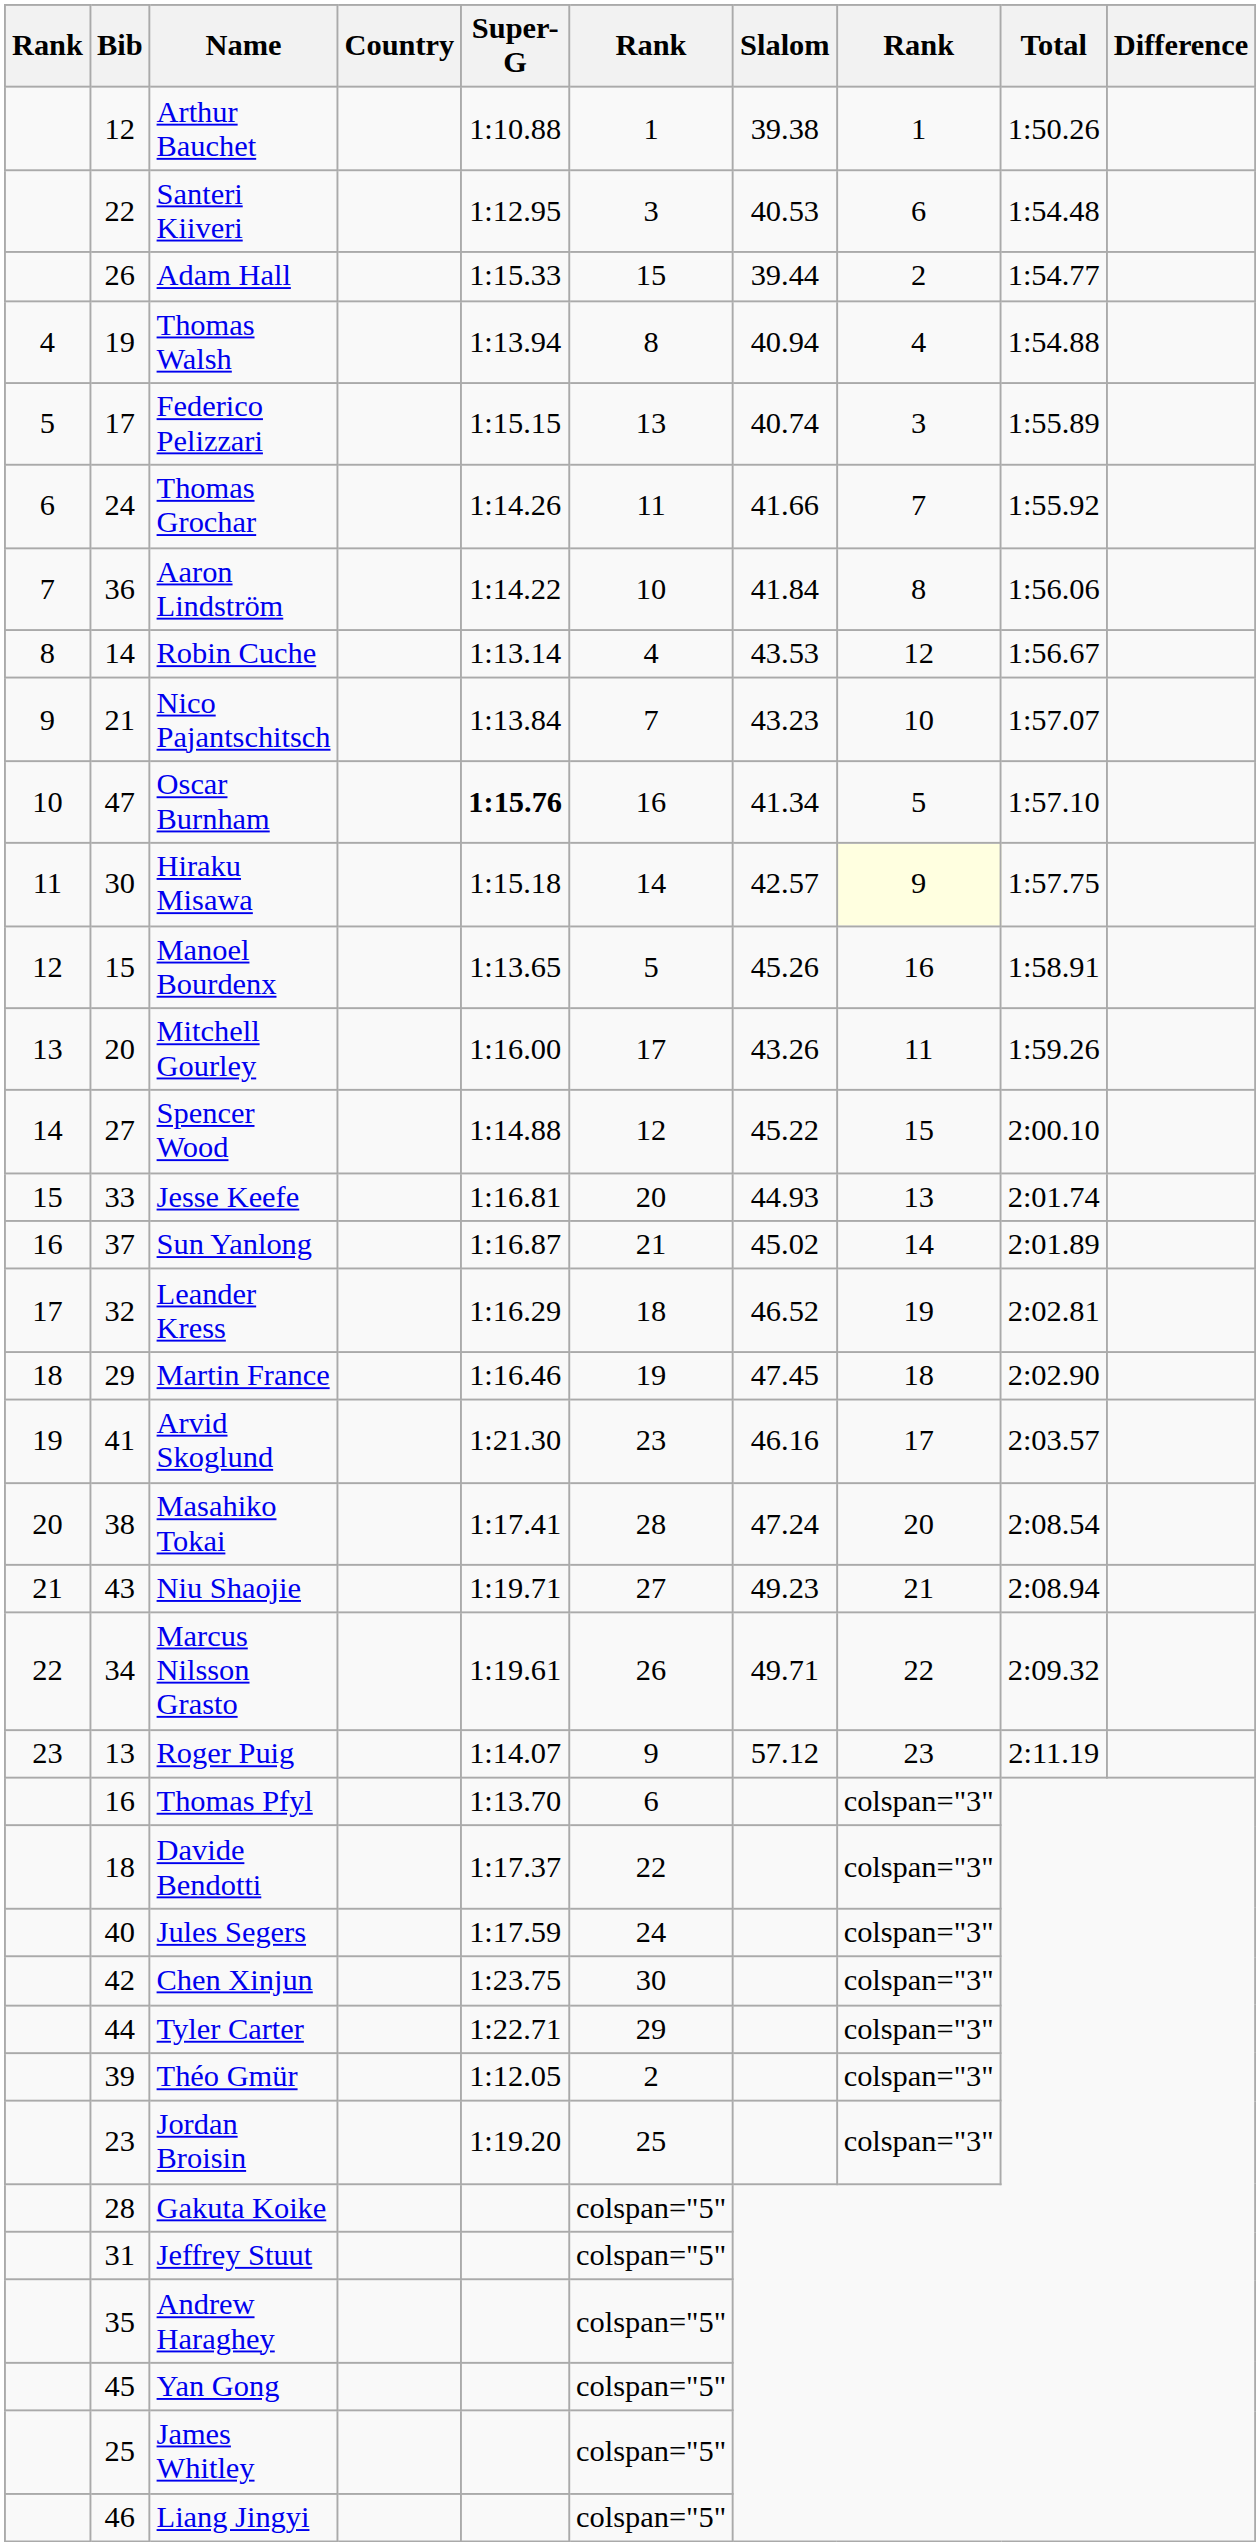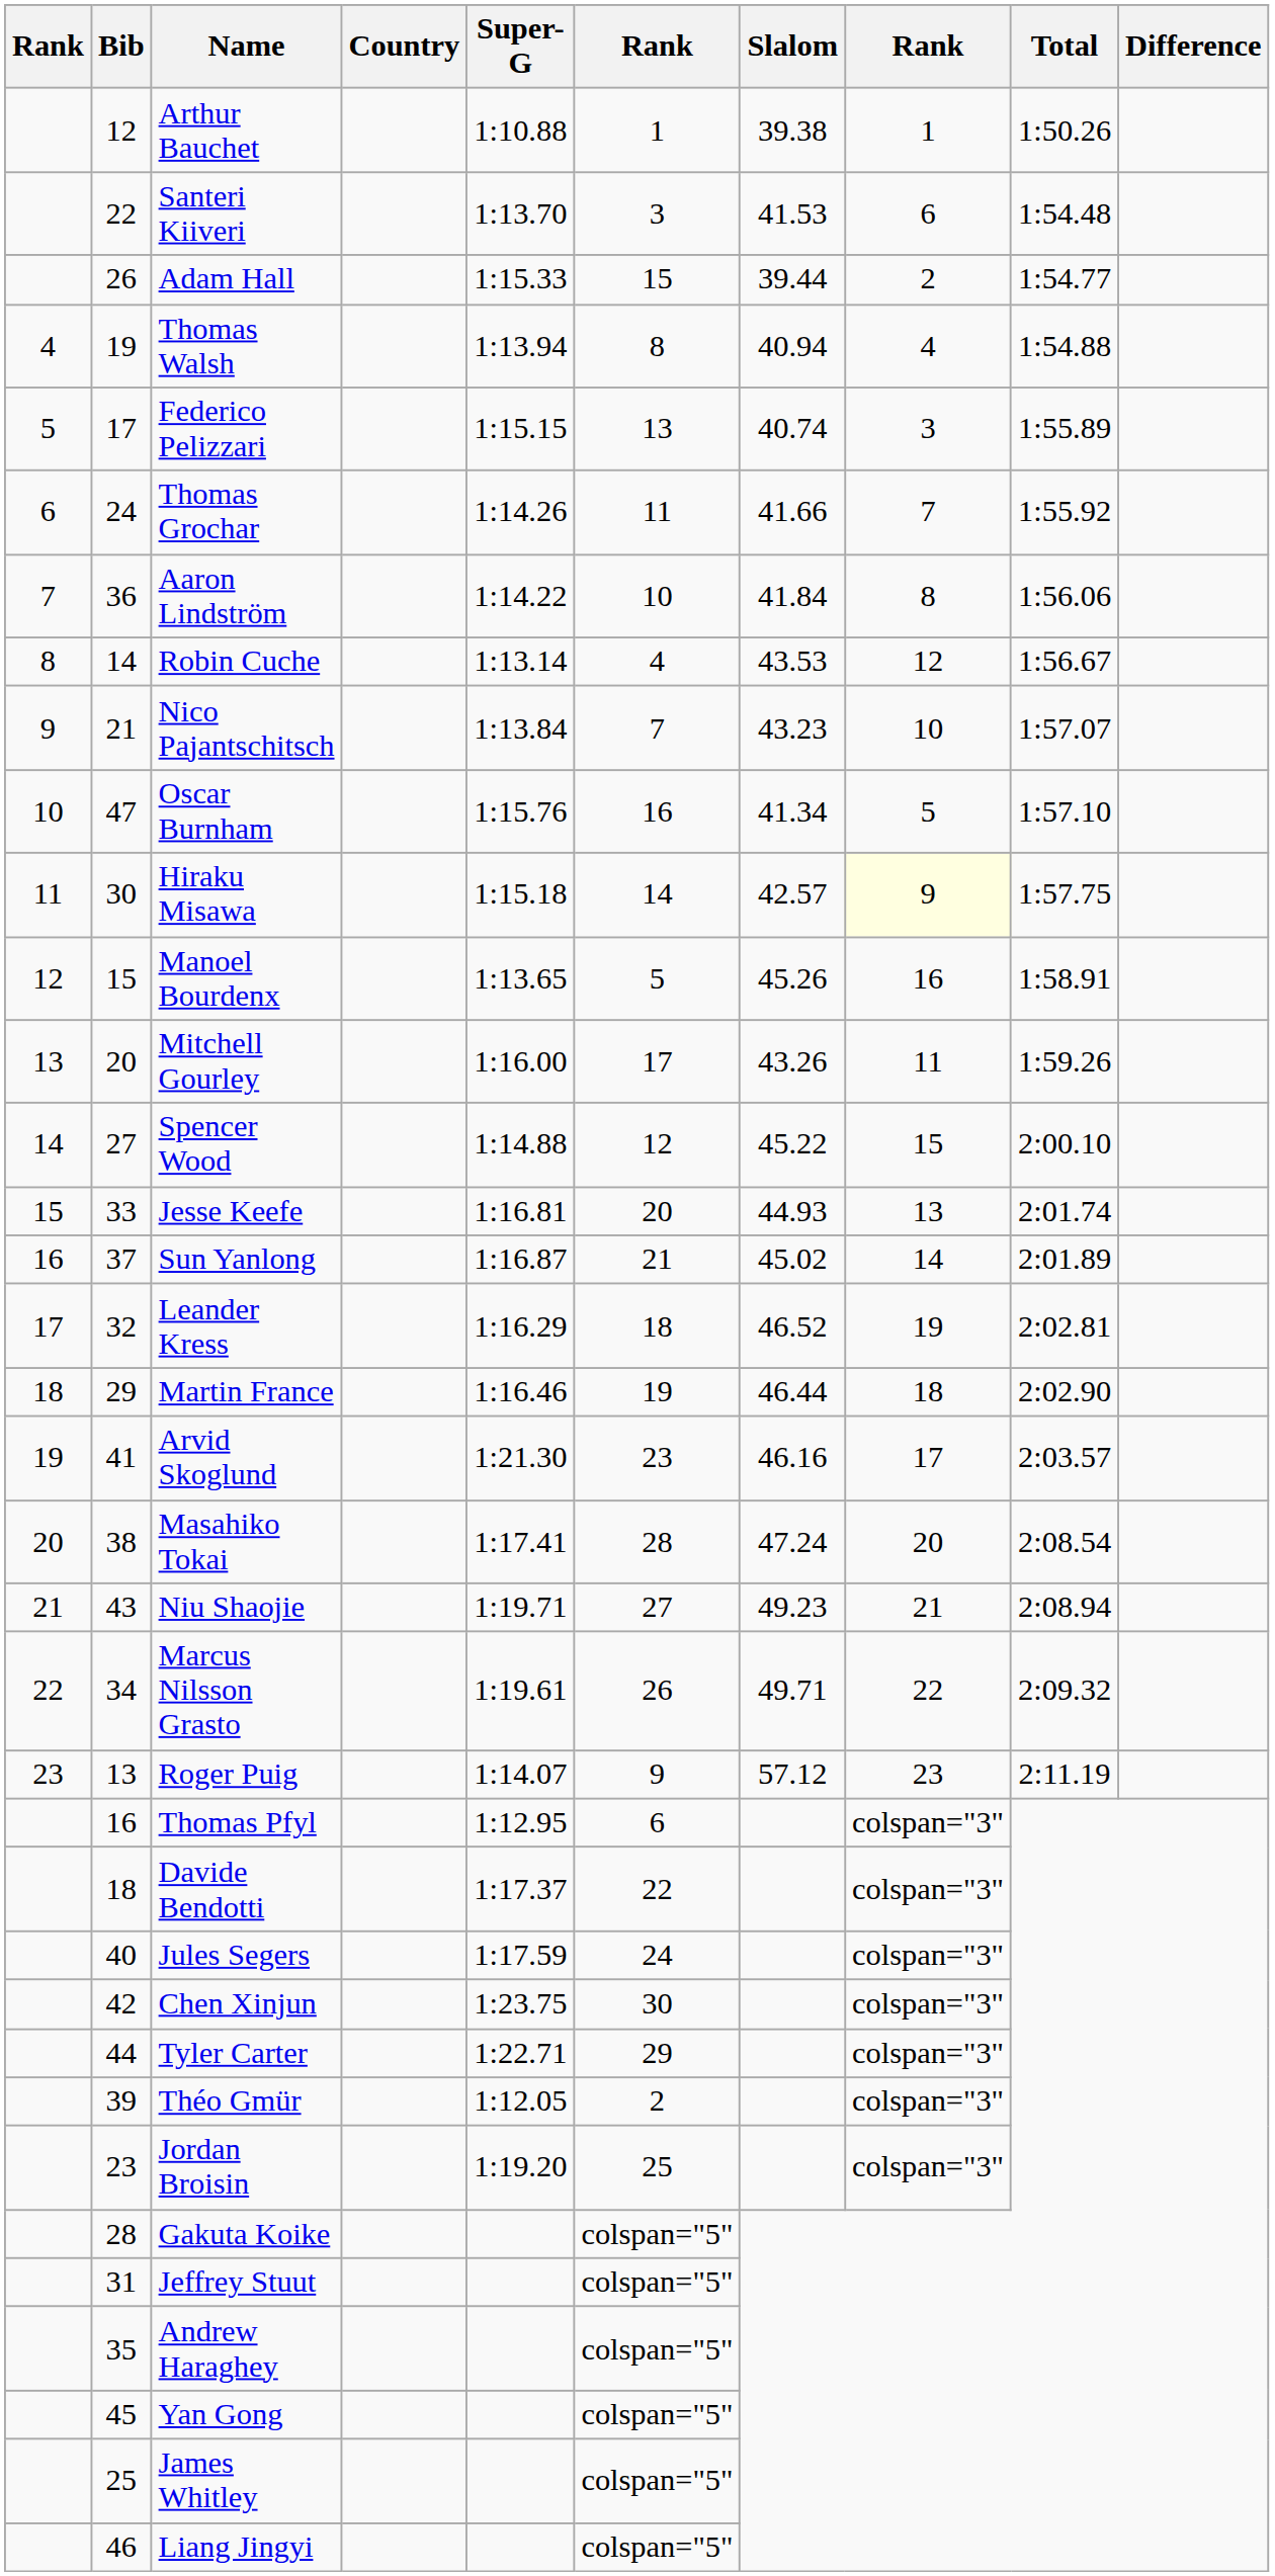 <table class="wikitable sortable" style="text-align:center">
 <tr>
 <th>Rank</th>
 <th>Bib</th>
 <th>Name</th>
 <th>Country</th>
 <th>Super-G</th>
 <th>Rank</th>
 <th>Slalom</th>
 <th>Rank</th>
 <th>Total</th>
 <th>Difference</th>
 </tr>
 <tr>
 <td></td>
 <td>12</td>
 <td align="left"><a href='#'>Arthur Bauchet</a></td>
 <td align="left"></td>
 <td>1:10.88</td>
 <td>1</td>
 <td>39.38</td>
 <td>1</td>
 <td>1:50.26</td>
 <td></td>
 </tr>
 <tr>
 <td></td>
 <td>22</td>
 <td align="left"><a href='#'>Santeri Kiiveri</a></td>
 <td align="left"></td>
-<td>1:12.95</td>
+<td>1:13.70</td>
 <td>3</td>
-<td>40.53</td>
+<td>41.53</td>
 <td>6</td>
 <td>1:54.48</td>
 <td></td>
 </tr>
 <tr>
 <td></td>
 <td>26</td>
 <td align="left"><a href='#'>Adam Hall</a></td>
 <td align="left"></td>
 <td>1:15.33</td>
 <td>15</td>
 <td>39.44</td>
 <td>2</td>
 <td>1:54.77</td>
 <td></td>
 </tr>
 <tr>
 <td>4</td>
 <td>19</td>
 <td align="left"><a href='#'>Thomas Walsh</a></td>
 <td align="left"></td>
 <td>1:13.94</td>
 <td>8</td>
 <td>40.94</td>
 <td>4</td>
 <td>1:54.88</td>
 <td></td>
 </tr>
 <tr>
 <td>5</td>
 <td>17</td>
 <td align="left"><a href='#'>Federico Pelizzari</a></td>
 <td align="left"></td>
 <td>1:15.15</td>
 <td>13</td>
 <td>40.74</td>
 <td>3</td>
 <td>1:55.89</td>
 <td></td>
 </tr>
 <tr>
 <td>6</td>
 <td>24</td>
 <td align="left"><a href='#'>Thomas Grochar</a></td>
 <td align="left"></td>
 <td>1:14.26</td>
 <td>11</td>
 <td>41.66</td>
 <td>7</td>
 <td>1:55.92</td>
 <td></td>
 </tr>
 <tr>
 <td>7</td>
 <td>36</td>
 <td align="left"><a href='#'>Aaron Lindström</a></td>
 <td align="left"></td>
 <td>1:14.22</td>
 <td>10</td>
 <td>41.84</td>
 <td>8</td>
 <td>1:56.06</td>
 <td></td>
 </tr>
 <tr>
 <td>8</td>
 <td>14</td>
 <td align="left"><a href='#'>Robin Cuche</a></td>
 <td align="left"></td>
 <td>1:13.14</td>
 <td>4</td>
 <td>43.53</td>
 <td>12</td>
 <td>1:56.67</td>
 <td></td>
 </tr>
 <tr>
 <td>9</td>
 <td>21</td>
 <td align="left"><a href='#'>Nico Pajantschitsch</a></td>
 <td align="left"></td>
 <td>1:13.84</td>
 <td>7</td>
 <td>43.23</td>
 <td>10</td>
 <td>1:57.07</td>
 <td></td>
 </tr>
 <tr>
 <td>10</td>
 <td>47</td>
 <td align="left"><a href='#'>Oscar Burnham</a></td>
 <td align="left"></td>
-<td><strong>1:15.76</strong></td>
+<td>1:15.76</td>
 <td>16</td>
 <td>41.34</td>
 <td>5</td>
 <td>1:57.10</td>
 <td></td>
 </tr>
 <tr>
 <td>11</td>
 <td>30</td>
 <td align="left"><a href='#'>Hiraku Misawa</a></td>
 <td align="left"></td>
 <td>1:15.18</td>
 <td>14</td>
 <td>42.57</td>
 <td style="background: lightyellow;">9</td>
 <td>1:57.75</td>
 <td></td>
 </tr>
 <tr>
 <td>12</td>
 <td>15</td>
 <td align="left"><a href='#'>Manoel Bourdenx</a></td>
 <td align="left"></td>
 <td>1:13.65</td>
 <td>5</td>
 <td>45.26</td>
 <td>16</td>
 <td>1:58.91</td>
 <td></td>
 </tr>
 <tr>
 <td>13</td>
 <td>20</td>
 <td align="left"><a href='#'>Mitchell Gourley</a></td>
 <td align="left"></td>
 <td>1:16.00</td>
 <td>17</td>
 <td>43.26</td>
 <td>11</td>
 <td>1:59.26</td>
 <td></td>
 </tr>
 <tr>
 <td>14</td>
 <td>27</td>
 <td align="left"><a href='#'>Spencer Wood</a></td>
 <td align="left"></td>
 <td>1:14.88</td>
 <td>12</td>
 <td>45.22</td>
 <td>15</td>
 <td>2:00.10</td>
 <td></td>
 </tr>
 <tr>
 <td>15</td>
 <td>33</td>
 <td align="left"><a href='#'>Jesse Keefe</a></td>
 <td align="left"></td>
 <td>1:16.81</td>
 <td>20</td>
 <td>44.93</td>
 <td>13</td>
 <td>2:01.74</td>
 <td></td>
 </tr>
 <tr>
 <td>16</td>
 <td>37</td>
 <td align="left"><a href='#'>Sun Yanlong</a></td>
 <td align="left"></td>
 <td>1:16.87</td>
 <td>21</td>
 <td>45.02</td>
 <td>14</td>
 <td>2:01.89</td>
 <td></td>
 </tr>
 <tr>
 <td>17</td>
 <td>32</td>
 <td align="left"><a href='#'>Leander Kress</a></td>
 <td align="left"></td>
 <td>1:16.29</td>
 <td>18</td>
 <td>46.52</td>
 <td>19</td>
 <td>2:02.81</td>
 <td></td>
 </tr>
 <tr>
 <td>18</td>
 <td>29</td>
 <td align="left"><a href='#'>Martin France</a></td>
 <td align="left"></td>
 <td>1:16.46</td>
 <td>19</td>
-<td>47.45</td>
+<td>46.44</td>
 <td>18</td>
 <td>2:02.90</td>
 <td></td>
 </tr>
 <tr>
 <td>19</td>
 <td>41</td>
 <td align="left"><a href='#'>Arvid Skoglund</a></td>
 <td align="left"></td>
 <td>1:21.30</td>
 <td>23</td>
 <td>46.16</td>
 <td>17</td>
 <td>2:03.57</td>
 <td></td>
 </tr>
 <tr>
 <td>20</td>
 <td>38</td>
 <td align="left"><a href='#'>Masahiko Tokai</a></td>
 <td align="left"></td>
 <td>1:17.41</td>
 <td>28</td>
 <td>47.24</td>
 <td>20</td>
 <td>2:08.54</td>
 <td></td>
 </tr>
 <tr>
 <td>21</td>
 <td>43</td>
 <td align="left"><a href='#'>Niu Shaojie</a></td>
 <td align="left"></td>
 <td>1:19.71</td>
 <td>27</td>
 <td>49.23</td>
 <td>21</td>
 <td>2:08.94</td>
 <td></td>
 </tr>
 <tr>
 <td>22</td>
 <td>34</td>
 <td align="left"><a href='#'>Marcus Nilsson Grasto</a></td>
 <td align="left"></td>
 <td>1:19.61</td>
 <td>26</td>
 <td>49.71</td>
 <td>22</td>
 <td>2:09.32</td>
 <td></td>
 </tr>
 <tr>
 <td>23</td>
 <td>13</td>
 <td align="left"><a href='#'>Roger Puig</a></td>
 <td align="left"></td>
 <td>1:14.07</td>
 <td>9</td>
 <td>57.12</td>
 <td>23</td>
 <td>2:11.19</td>
 <td></td>
 </tr>
 <tr>
 <td></td>
 <td>16</td>
 <td align="left"><a href='#'>Thomas Pfyl</a></td>
 <td align="left"></td>
-<td>1:13.70</td>
+<td>1:12.95</td>
 <td>6</td>
 <td></td>
 <td>colspan="3" </td>
 </tr>
 <tr>
 <td></td>
 <td>18</td>
 <td align="left"><a href='#'>Davide Bendotti</a></td>
 <td align="left"></td>
 <td>1:17.37</td>
 <td>22</td>
 <td></td>
 <td>colspan="3" </td>
 </tr>
 <tr>
 <td></td>
 <td>40</td>
 <td align="left"><a href='#'>Jules Segers</a></td>
 <td align="left"></td>
 <td>1:17.59</td>
 <td>24</td>
 <td></td>
 <td>colspan="3" </td>
 </tr>
 <tr>
 <td></td>
 <td>42</td>
 <td align="left"><a href='#'>Chen Xinjun</a></td>
 <td align="left"></td>
 <td>1:23.75</td>
 <td>30</td>
 <td></td>
 <td>colspan="3" </td>
 </tr>
 <tr>
 <td></td>
 <td>44</td>
 <td align="left"><a href='#'>Tyler Carter</a></td>
 <td align="left"></td>
 <td>1:22.71</td>
 <td>29</td>
 <td></td>
 <td>colspan="3" </td>
 </tr>
 <tr>
 <td></td>
 <td>39</td>
 <td align="left"><a href='#'>Théo Gmür</a></td>
 <td align="left"></td>
 <td>1:12.05</td>
 <td>2</td>
 <td></td>
 <td>colspan="3" </td>
 </tr>
 <tr>
 <td></td>
 <td>23</td>
 <td align="left"><a href='#'>Jordan Broisin</a></td>
 <td align="left"></td>
 <td>1:19.20</td>
 <td>25</td>
 <td></td>
 <td>colspan="3" </td>
 </tr>
 <tr>
 <td></td>
 <td>28</td>
 <td align="left"><a href='#'>Gakuta Koike</a></td>
 <td align="left"></td>
 <td></td>
 <td>colspan="5" </td>
 </tr>
 <tr>
 <td></td>
 <td>31</td>
 <td align="left"><a href='#'>Jeffrey Stuut</a></td>
 <td align="left"></td>
 <td></td>
 <td>colspan="5" </td>
 </tr>
 <tr>
 <td></td>
 <td>35</td>
 <td align="left"><a href='#'>Andrew Haraghey</a></td>
 <td align="left"></td>
 <td></td>
 <td>colspan="5" </td>
 </tr>
 <tr>
 <td></td>
 <td>45</td>
 <td align="left"><a href='#'>Yan Gong</a></td>
 <td align="left"></td>
 <td></td>
 <td>colspan="5" </td>
 </tr>
 <tr>
 <td></td>
 <td>25</td>
 <td align="left"><a href='#'>James Whitley</a></td>
 <td align="left"></td>
 <td></td>
 <td>colspan="5" </td>
 </tr>
 <tr>
 <td></td>
 <td>46</td>
 <td align="left"><a href='#'>Liang Jingyi</a></td>
 <td align="left"></td>
 <td></td>
 <td>colspan="5" </td>
 </tr>
 </table>
